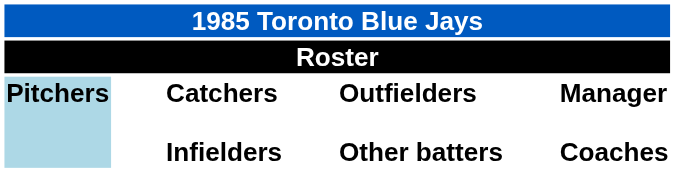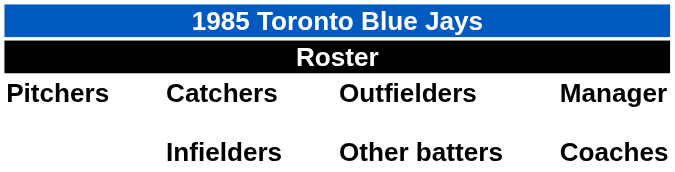 <table class="toccolours" style="font-size: 95%;">
 <tr>
 <th colspan="10" style="background-color: #005ac0; color: #FFFFFF; text-align: center;">1985 Toronto Blue Jays</th>
 </tr>
 <tr>
 <td colspan="10" style="background-color: black; color: white; text-align: center;"><strong>Roster</strong></td>
 </tr>
 <tr>
-<td valign="top" style="background: lightblue;"><strong>Pitchers</strong><br>              </td>
+<td valign="top"><strong>Pitchers</strong><br>              </td>
 <td width="25px"></td>
 <td valign="top"><strong>Catchers</strong><br>    <br><strong>Infielders</strong>         </td>
 <td width="25px"></td>
 <td valign="top"><strong>Outfielders</strong><br>     <br><strong>Other batters</strong>     </td>
 <td width="25px"></td>
 <td valign="top"><strong>Manager</strong><br><br><strong>Coaches</strong> </small>    </small></td>
 </tr>
 </table>
